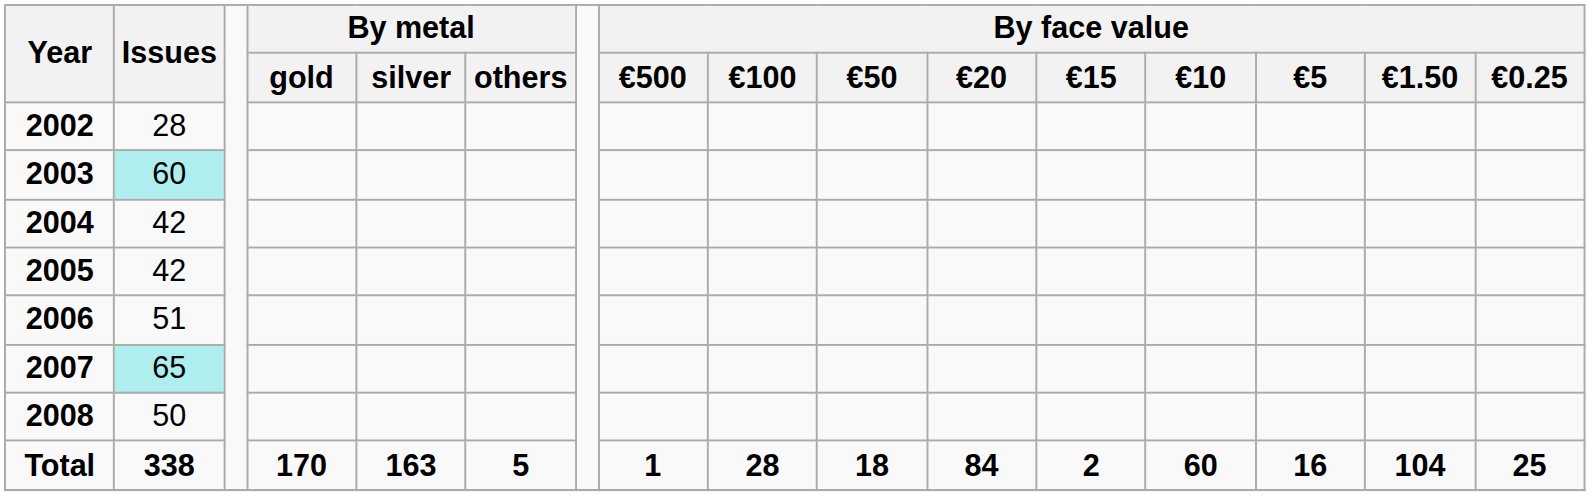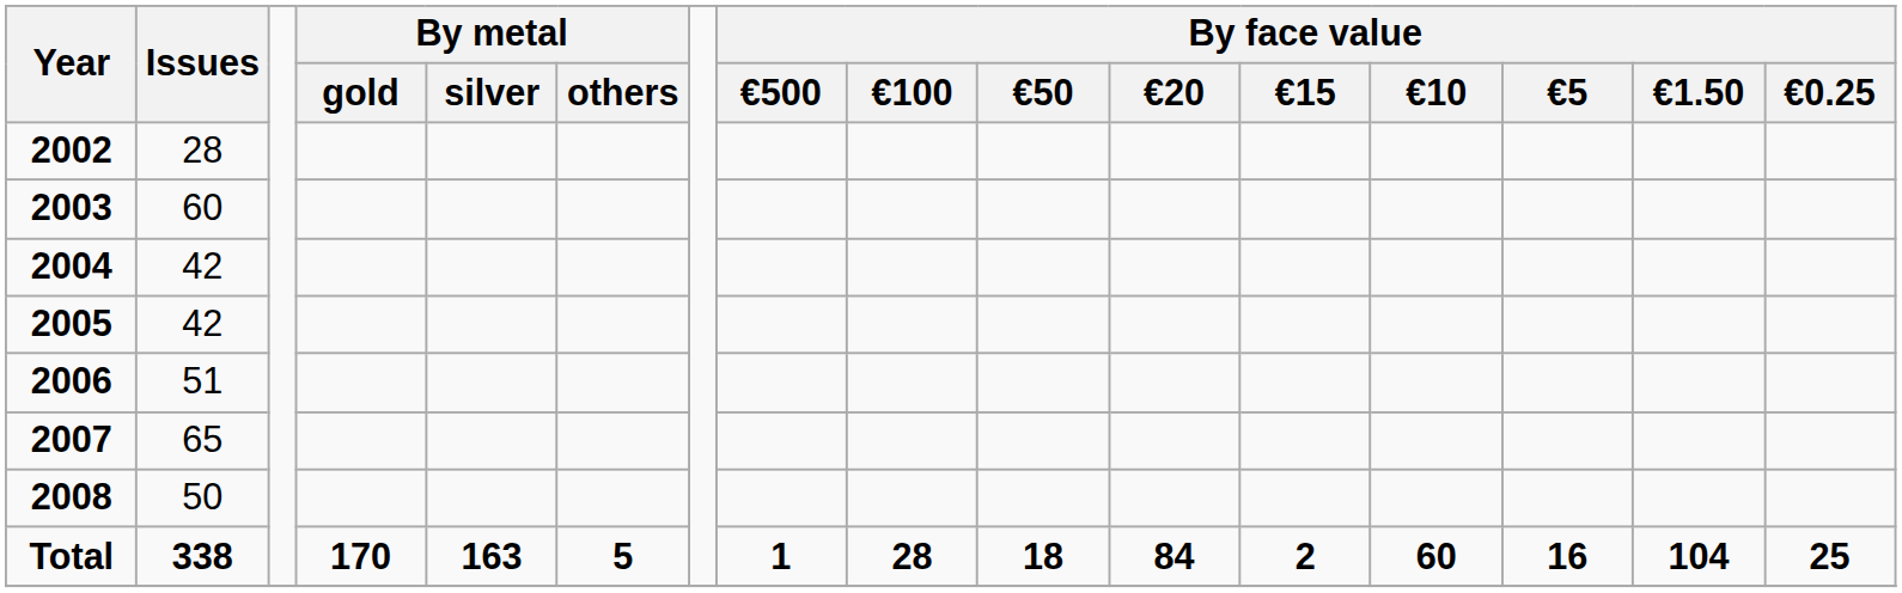 <table class="wikitable" style="text-align: center;">
 <tr>
 <th rowspan=2  width=50px>Year</th>
 <th rowspan=2  width=50px>Issues</th>
 <td rowspan=10> </td>
 <th colspan=3>By metal</th>
 <td rowspan=10> </td>
 <th colspan=9>By face value</th>
 </tr>
 <tr>
 <th width=50px>gold</th>
 <th width=50px>silver</th>
 <th width=50px>others</th>
 <th width=50px>€500</th>
 <th width=50px>€100</th>
 <th width=50px>€50</th>
 <th width=50px>€20</th>
 <th width=50px>€15</th>
 <th width=50px>€10</th>
 <th width=50px>€5</th>
 <th width=50px>€1.50</th>
 <th width=50px>€0.25</th>
 </tr>
 <tr>
 <td style="text-align: center;"><strong>2002</strong></td>
 <td>28</td>
 <td></td>
 <td></td>
 <td></td>
 <td></td>
 <td></td>
 <td></td>
 <td></td>
 <td></td>
 <td></td>
 <td></td>
 <td></td>
 <td></td>
 </tr>
 <tr>
 <td style="text-align: center;"><strong>2003</strong></td>
-<td style="background: paleturquoise;">60</td>
+<td>60</td>
 <td></td>
 <td></td>
 <td></td>
 <td></td>
 <td></td>
 <td></td>
 <td></td>
 <td></td>
 <td></td>
 <td></td>
 <td></td>
 <td></td>
 </tr>
 <tr>
 <td style="text-align: center;"><strong>2004</strong></td>
 <td>42</td>
 <td></td>
 <td></td>
 <td></td>
 <td></td>
 <td></td>
 <td></td>
 <td></td>
 <td></td>
 <td></td>
 <td></td>
 <td></td>
 <td></td>
 </tr>
 <tr>
 <td style="text-align: center;"><strong>2005</strong></td>
 <td>42</td>
 <td></td>
 <td></td>
 <td></td>
 <td></td>
 <td></td>
 <td></td>
 <td></td>
 <td></td>
 <td></td>
 <td></td>
 <td></td>
 <td></td>
 </tr>
 <tr>
 <td style="text-align: center;"><strong>2006</strong></td>
 <td>51</td>
 <td></td>
 <td></td>
 <td></td>
 <td></td>
 <td></td>
 <td></td>
 <td></td>
 <td></td>
 <td></td>
 <td></td>
 <td></td>
 <td></td>
 </tr>
 <tr>
 <td style="text-align: center;"><strong>2007</strong></td>
-<td style="background: paleturquoise;">65</td>
+<td>65</td>
 <td></td>
 <td></td>
 <td></td>
 <td></td>
 <td></td>
 <td></td>
 <td></td>
 <td></td>
 <td></td>
 <td></td>
 <td></td>
 <td></td>
 </tr>
 <tr>
 <td style="text-align: center;"><strong>2008</strong></td>
 <td>50</td>
 <td></td>
 <td></td>
 <td></td>
 <td></td>
 <td></td>
 <td></td>
 <td></td>
 <td></td>
 <td></td>
 <td></td>
 <td></td>
 <td></td>
 </tr>
 <tr>
 <td style="text-align: center;"><strong>Total</strong></td>
 <td><strong>338</strong></td>
 <td><strong>170</strong></td>
 <td><strong>163</strong></td>
 <td><strong>5</strong></td>
 <td><strong>1</strong></td>
 <td><strong>28</strong></td>
 <td><strong>18</strong></td>
 <td><strong>84</strong></td>
 <td><strong>2</strong></td>
 <td><strong>60</strong></td>
 <td><strong>16</strong></td>
 <td><strong>104</strong></td>
 <td><strong>25</strong></td>
 </tr>
 <tr>
 </tr>
 </table>
